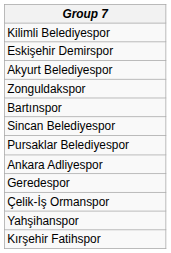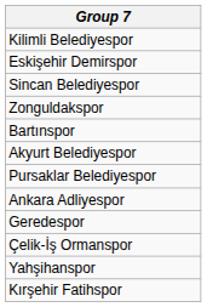 <table class="wikitable collapsible collapsed" style="font-size:95%;">
 <tr>
 <th colspan="1" width="200"><em>Group 7</em></th>
 </tr>
 <tr>
 <td>Kilimli Belediyespor</td>
 </tr>
 <tr>
 <td>Eskişehir Demirspor</td>
 </tr>
 <tr>
-<td>Akyurt Belediyespor</td>
+<td>Sincan Belediyespor</td>
 </tr>
 <tr>
 <td>Zonguldakspor</td>
 </tr>
 <tr>
 <td>Bartınspor</td>
 </tr>
 <tr>
-<td>Sincan Belediyespor</td>
+<td>Akyurt Belediyespor</td>
 </tr>
 <tr>
 <td>Pursaklar Belediyespor</td>
 </tr>
 <tr>
 <td>Ankara Adliyespor</td>
 </tr>
 <tr>
 <td>Geredespor</td>
 </tr>
 <tr>
 <td>Çelik-İş Ormanspor</td>
 </tr>
 <tr>
 <td>Yahşihanspor</td>
 </tr>
 <tr>
 <td>Kırşehir Fatihspor</td>
 </tr>
 </table>
